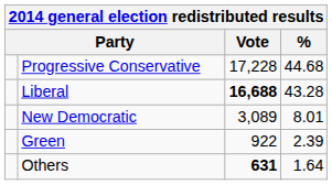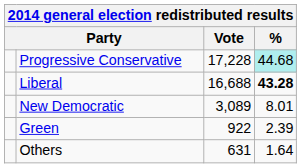 <table class="wikitable">
 <tr>
 <th colspan="4"><a href='#'>2014 general election</a> redistributed results</th>
 </tr>
 <tr>
 <th bgcolor="#DDDDFF" width="130px" colspan="2">Party</th>
 <th bgcolor="#DDDDFF" width="50px">Vote</th>
 <th bgcolor="#DDDDFF" width="30px">%</th>
 </tr>
 <tr>
 <td> </td>
 <td><a href='#'>Progressive Conservative</a></td>
 <td align=right>17,228</td>
-<td align=right>44.68</td>
+<td align=right style="background: paleturquoise;">44.68</td>
 </tr>
 <tr>
 <td> </td>
 <td><a href='#'>Liberal</a></td>
-<td align=right><strong>16,688</strong></td>
-<td align=right>43.28</td>
+<td align=right>16,688</td>
+<td align=right><strong>43.28</strong></td>
 </tr>
 <tr>
 <td> </td>
 <td><a href='#'>New Democratic</a></td>
 <td align=right>3,089</td>
 <td align=right>8.01</td>
 </tr>
 <tr>
 <td> </td>
 <td><a href='#'>Green</a></td>
 <td align=right>922</td>
 <td align=right>2.39</td>
 </tr>
 <tr>
 <td> </td>
 <td>Others</td>
-<td align=right><strong>631</strong></td>
+<td align=right>631</td>
 <td align=right>1.64</td>
 </tr>
 </table>
